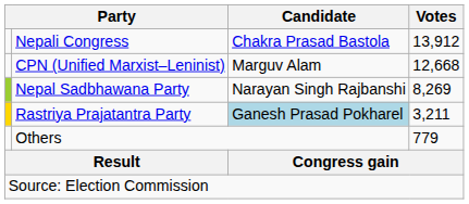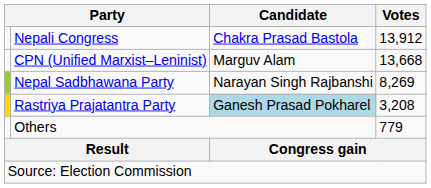 <table class="wikitable">
 <tr>
 <th colspan="2">Party</th>
 <th>Candidate</th>
 <th>Votes</th>
 </tr>
 <tr>
 <td style="background-color:"></td>
 <td><a href='#'>Nepali Congress</a></td>
 <td><a href='#'>Chakra Prasad Bastola</a></td>
 <td>13,912</td>
 </tr>
 <tr>
 <td style="background-color:"></td>
 <td><a href='#'>CPN (Unified Marxist–Leninist)</a></td>
 <td>Marguv Alam</td>
-<td>12,668</td>
+<td>13,668</td>
 </tr>
 <tr>
 <td style="background-color:yellowgreen"></td>
 <td><a href='#'>Nepal Sadbhawana Party</a></td>
 <td>Narayan Singh Rajbanshi</td>
 <td>8,269</td>
 </tr>
 <tr>
 <td style="background-color:gold"></td>
 <td><a href='#'>Rastriya Prajatantra Party</a></td>
 <td style="background: lightblue;">Ganesh Prasad Pokharel</td>
-<td>3,211</td>
+<td>3,208</td>
 </tr>
 <tr>
 <td></td>
 <td colspan="2">Others</td>
 <td>779</td>
 </tr>
 <tr>
 <th colspan="2">Result</th>
 <th colspan="2">Congress gain</th>
 </tr>
 <tr>
 <td colspan="4">Source: Election Commission</td>
 </tr>
 </table>
